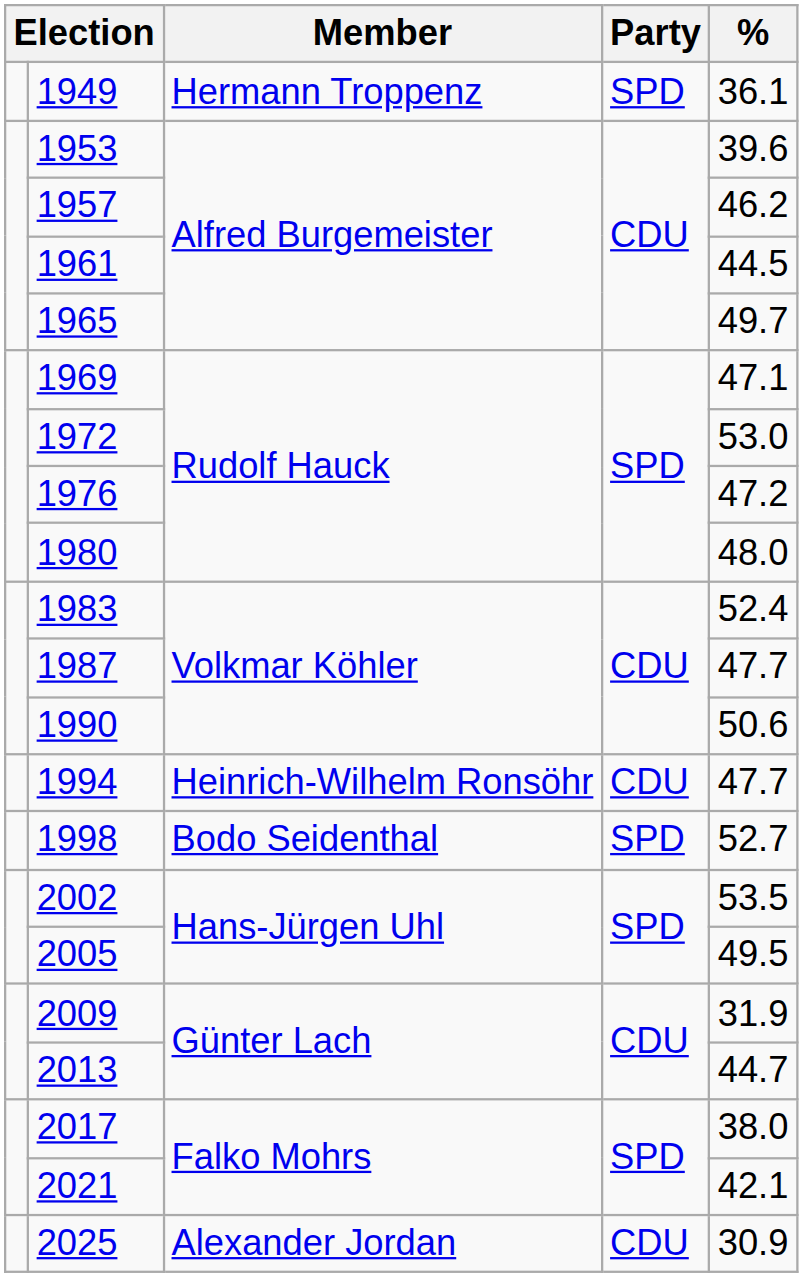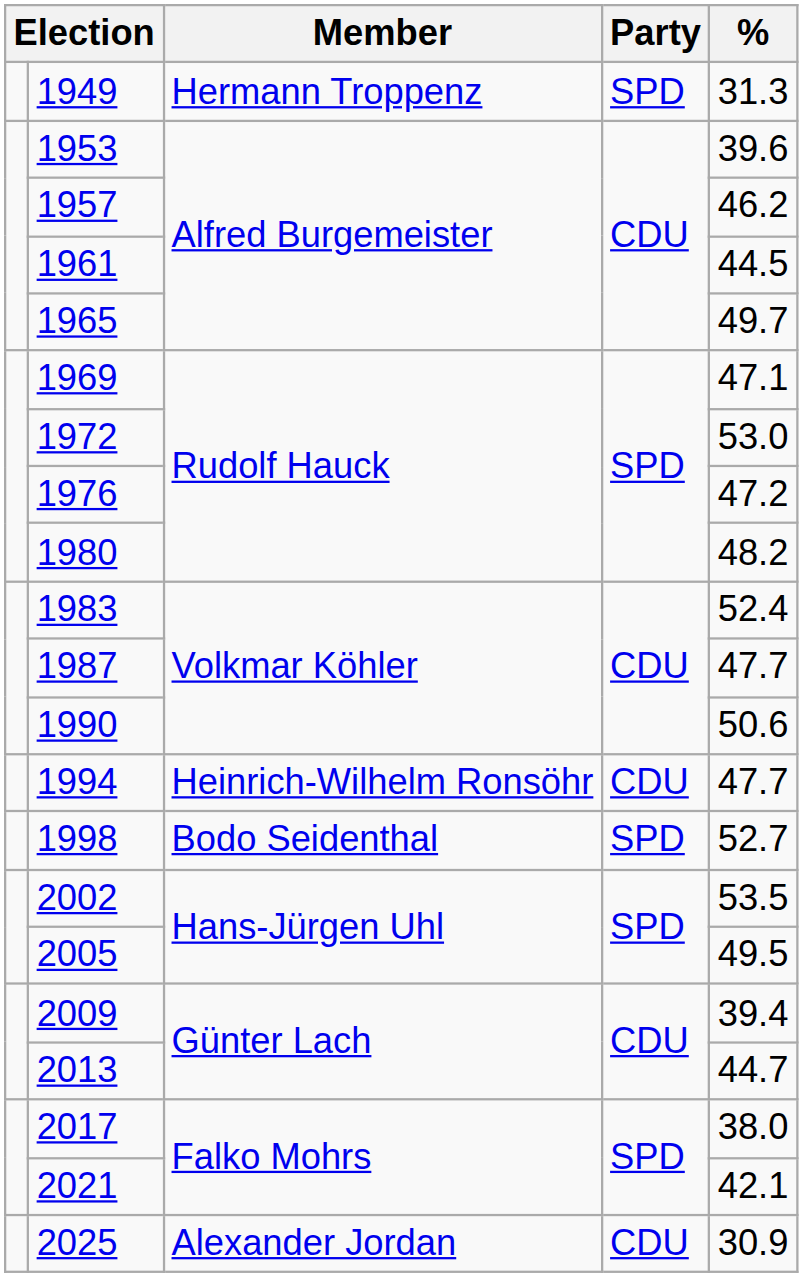 <table class=wikitable>
 <tr>
 <th colspan=2>Election</th>
 <th>Member</th>
 <th>Party</th>
 <th>%</th>
 </tr>
 <tr>
 <td bgcolor=></td>
 <td><a href='#'>1949</a></td>
 <td><a href='#'>Hermann Troppenz</a></td>
 <td><a href='#'>SPD</a></td>
-<td align=right>36.1</td>
+<td align=right>31.3</td>
 </tr>
 <tr>
 <td rowspan=4 bgcolor=></td>
 <td><a href='#'>1953</a></td>
 <td rowspan=4><a href='#'>Alfred Burgemeister</a></td>
 <td rowspan=4><a href='#'>CDU</a></td>
 <td align=right>39.6</td>
 </tr>
 <tr>
 <td><a href='#'>1957</a></td>
 <td align=right>46.2</td>
 </tr>
 <tr>
 <td><a href='#'>1961</a></td>
 <td align=right>44.5</td>
 </tr>
 <tr>
 <td><a href='#'>1965</a></td>
 <td align=right>49.7</td>
 </tr>
 <tr>
 <td rowspan=4 bgcolor=></td>
 <td><a href='#'>1969</a></td>
 <td rowspan=4><a href='#'>Rudolf Hauck</a></td>
 <td rowspan=4><a href='#'>SPD</a></td>
 <td align=right>47.1</td>
 </tr>
 <tr>
 <td><a href='#'>1972</a></td>
 <td align=right>53.0</td>
 </tr>
 <tr>
 <td><a href='#'>1976</a></td>
 <td align=right>47.2</td>
 </tr>
 <tr>
 <td><a href='#'>1980</a></td>
-<td align=right>48.0</td>
+<td align=right>48.2</td>
 </tr>
 <tr>
 <td rowspan=3 bgcolor=></td>
 <td><a href='#'>1983</a></td>
 <td rowspan=3><a href='#'>Volkmar Köhler</a></td>
 <td rowspan=3><a href='#'>CDU</a></td>
 <td align=right>52.4</td>
 </tr>
 <tr>
 <td><a href='#'>1987</a></td>
 <td align=right>47.7</td>
 </tr>
 <tr>
 <td><a href='#'>1990</a></td>
 <td align=right>50.6</td>
 </tr>
 <tr>
 <td bgcolor=></td>
 <td><a href='#'>1994</a></td>
 <td><a href='#'>Heinrich-Wilhelm Ronsöhr</a></td>
 <td><a href='#'>CDU</a></td>
 <td align=right>47.7</td>
 </tr>
 <tr>
 <td bgcolor=></td>
 <td><a href='#'>1998</a></td>
 <td><a href='#'>Bodo Seidenthal</a></td>
 <td><a href='#'>SPD</a></td>
 <td align=right>52.7</td>
 </tr>
 <tr>
 <td rowspan=2 bgcolor=></td>
 <td><a href='#'>2002</a></td>
 <td rowspan=2><a href='#'>Hans-Jürgen Uhl</a></td>
 <td rowspan=2><a href='#'>SPD</a></td>
 <td align=right>53.5</td>
 </tr>
 <tr>
 <td><a href='#'>2005</a></td>
 <td align=right>49.5</td>
 </tr>
 <tr>
 <td rowspan=2 bgcolor=></td>
 <td><a href='#'>2009</a></td>
 <td rowspan=2><a href='#'>Günter Lach</a></td>
 <td rowspan=2><a href='#'>CDU</a></td>
-<td align=right>31.9</td>
+<td align=right>39.4</td>
 </tr>
 <tr>
 <td><a href='#'>2013</a></td>
 <td align=right>44.7</td>
 </tr>
 <tr>
 <td rowspan=2 bgcolor=></td>
 <td><a href='#'>2017</a></td>
 <td rowspan=2><a href='#'>Falko Mohrs</a></td>
 <td rowspan=2><a href='#'>SPD</a></td>
 <td align=right>38.0</td>
 </tr>
 <tr>
 <td><a href='#'>2021</a></td>
 <td align=right>42.1</td>
 </tr>
 <tr>
 <td></td>
 <td><a href='#'>2025</a></td>
 <td><a href='#'>Alexander Jordan</a></td>
 <td><a href='#'>CDU</a></td>
 <td>30.9</td>
 </tr>
 </table>
